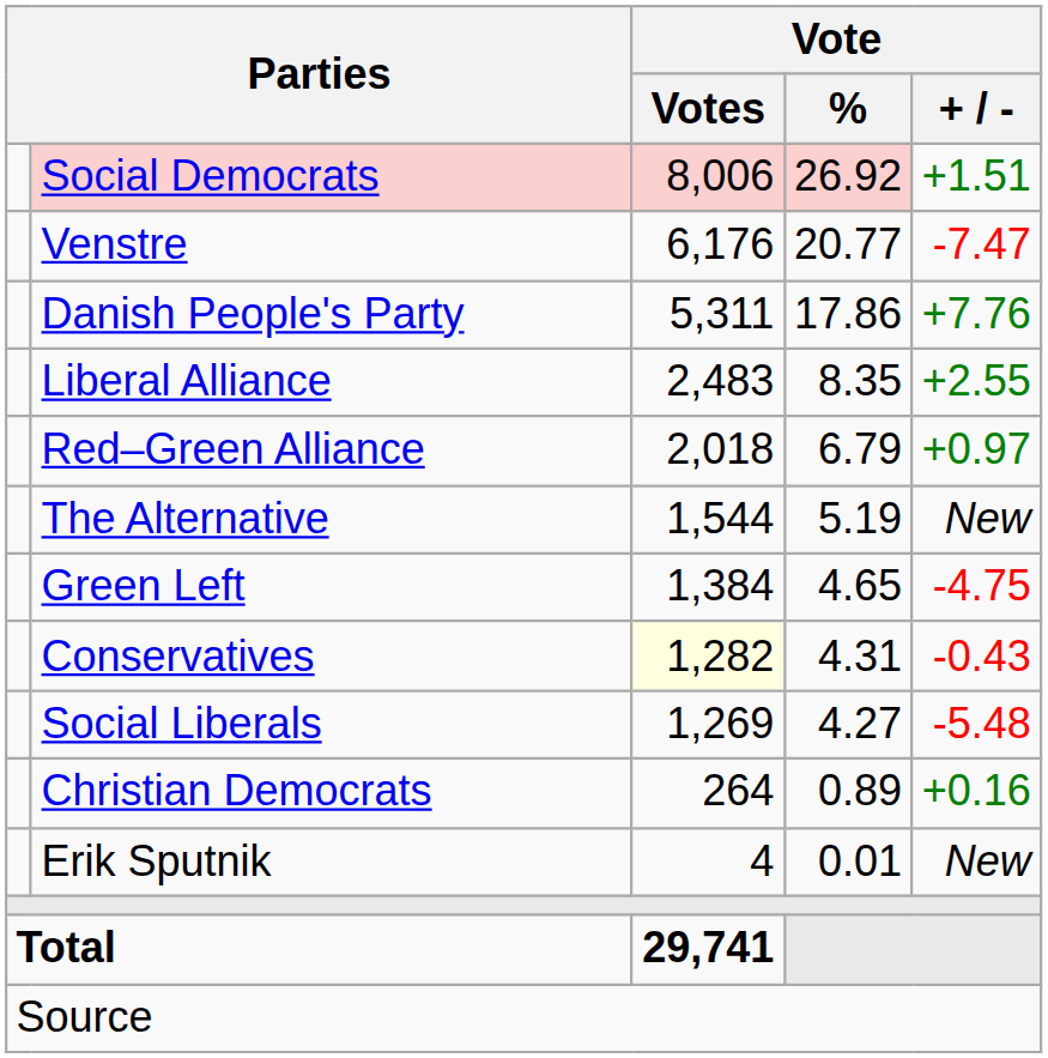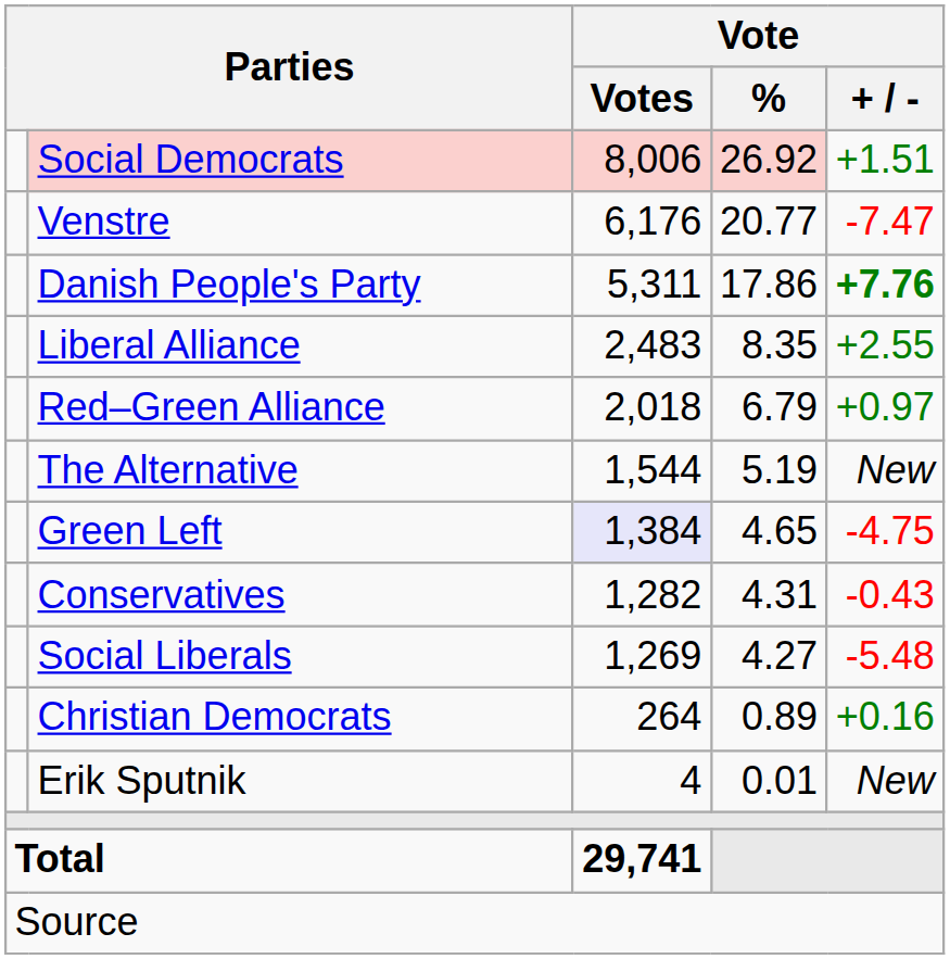 <table class="wikitable" style="text-align:right;">
 <tr>
 <th style="text-align:centre;" rowspan="2" colspan="2" width="225">Parties</th>
 <th colspan="3">Vote</th>
 </tr>
 <tr>
 <th width="15">Votes</th>
 <th width="15">%</th>
 <th width="15">+ / -</th>
 </tr>
 <tr>
 <td width="2" style="color:inherit;background:"></td>
 <td bgcolor=#fbd0ce  align="left"><a href='#'>Social Democrats</a></td>
 <td bgcolor=#fbd0ce>8,006</td>
 <td bgcolor=#fbd0ce>26.92</td>
 <td style=color:green;>+1.51</td>
 </tr>
 <tr>
 <td width="2" style="color:inherit;background:"></td>
 <td align="left"><a href='#'>Venstre</a></td>
 <td>6,176</td>
 <td>20.77</td>
 <td style=color:red;>-7.47</td>
 </tr>
 <tr>
 <td width="2" style="color:inherit;background:"></td>
 <td align="left"><a href='#'>Danish People's Party</a></td>
 <td>5,311</td>
 <td>17.86</td>
-<td style=color:green;>+7.76</td>
+<td style=color:green;><strong>+7.76</strong></td>
 </tr>
 <tr>
 <td width="2" style="color:inherit;background:"></td>
 <td align="left"><a href='#'>Liberal Alliance</a></td>
 <td>2,483</td>
 <td>8.35</td>
 <td style=color:green;>+2.55</td>
 </tr>
 <tr>
 <td width="2" style="color:inherit;background:"></td>
 <td align="left"><a href='#'>Red–Green Alliance</a></td>
 <td>2,018</td>
 <td>6.79</td>
 <td style=color:green;>+0.97</td>
 </tr>
 <tr>
 <td width="2" style="color:inherit;background:"></td>
 <td align="left"><a href='#'>The Alternative</a></td>
 <td>1,544</td>
 <td>5.19</td>
 <td><em>New</em></td>
 </tr>
 <tr>
 <td width="2" style="color:inherit;background:"></td>
 <td align="left"><a href='#'>Green Left</a></td>
-<td>1,384</td>
+<td style="background: lavender;">1,384</td>
 <td>4.65</td>
 <td style=color:red;>-4.75</td>
 </tr>
 <tr>
 <td width="2" style="color:inherit;background:"></td>
 <td align="left"><a href='#'>Conservatives</a></td>
-<td style="background: lightyellow;">1,282</td>
+<td>1,282</td>
 <td>4.31</td>
 <td style=color:red;>-0.43</td>
 </tr>
 <tr>
 <td width="2" style="color:inherit;background:"></td>
 <td align="left"><a href='#'>Social Liberals</a></td>
 <td>1,269</td>
 <td>4.27</td>
 <td style=color:red;>-5.48</td>
 </tr>
 <tr>
 <td width="2" style="color:inherit;background:"></td>
 <td align="left"><a href='#'>Christian Democrats</a></td>
 <td>264</td>
 <td>0.89</td>
 <td style=color:green;>+0.16</td>
 </tr>
 <tr>
 <td width="2" style="color:inherit;background:"></td>
 <td align="left">Erik Sputnik</td>
 <td>4</td>
 <td>0.01</td>
 <td><em>New</em></td>
 </tr>
 <tr>
 <td colspan="7" bgcolor="#E9E9E9"></td>
 </tr>
 <tr>
 <td align="left" colspan="2"><strong>Total</strong></td>
 <td><strong>29,741</strong></td>
 <td bgcolor="#E9E9E9" colspan="2"></td>
 </tr>
 <tr>
 <td align="left" colspan="6">Source</td>
 </tr>
 </table>
